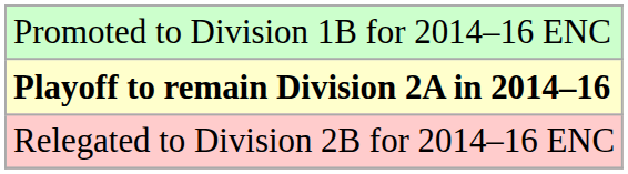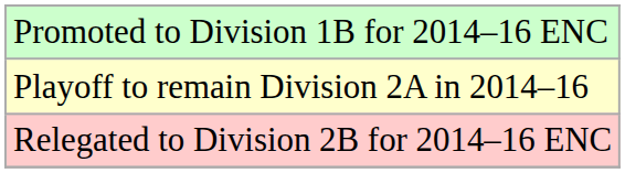 <table class="wikitable">
 <tr>
 </tr>
 <tr width=10px bgcolor="#ccffcc">
 <td>Promoted to Division 1B for 2014–16 ENC</td>
 </tr>
 <tr width=10px bgcolor="#ffffcc">
-<td><strong>Playoff to remain Division 2A in 2014–16</strong></td>
+<td>Playoff to remain Division 2A in 2014–16</td>
 </tr>
 <tr width=10px bgcolor="#ffcccc">
 <td>Relegated to Division 2B for 2014–16 ENC</td>
 </tr>
 <tr>
 </tr>
 </table>
